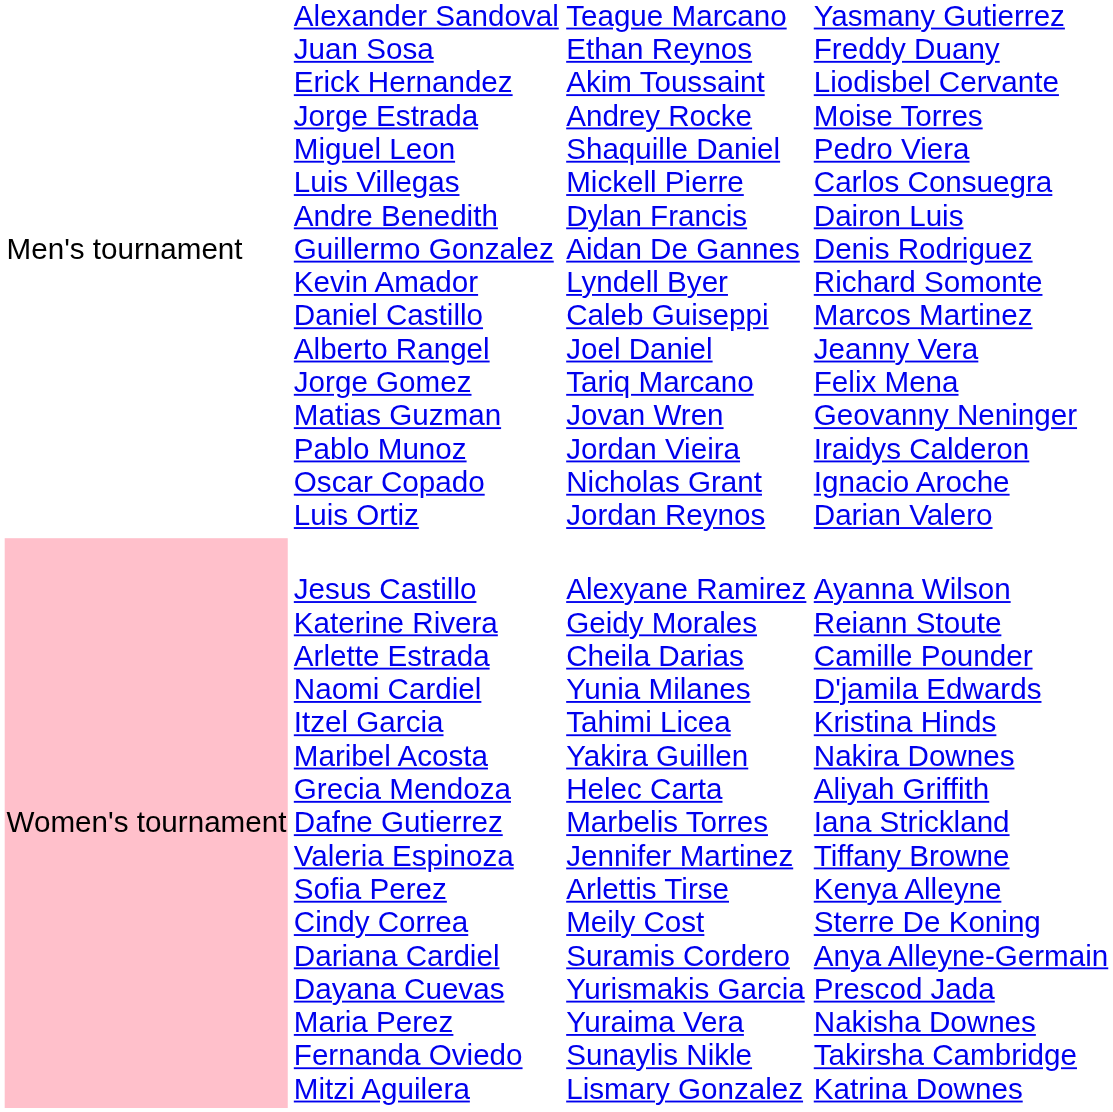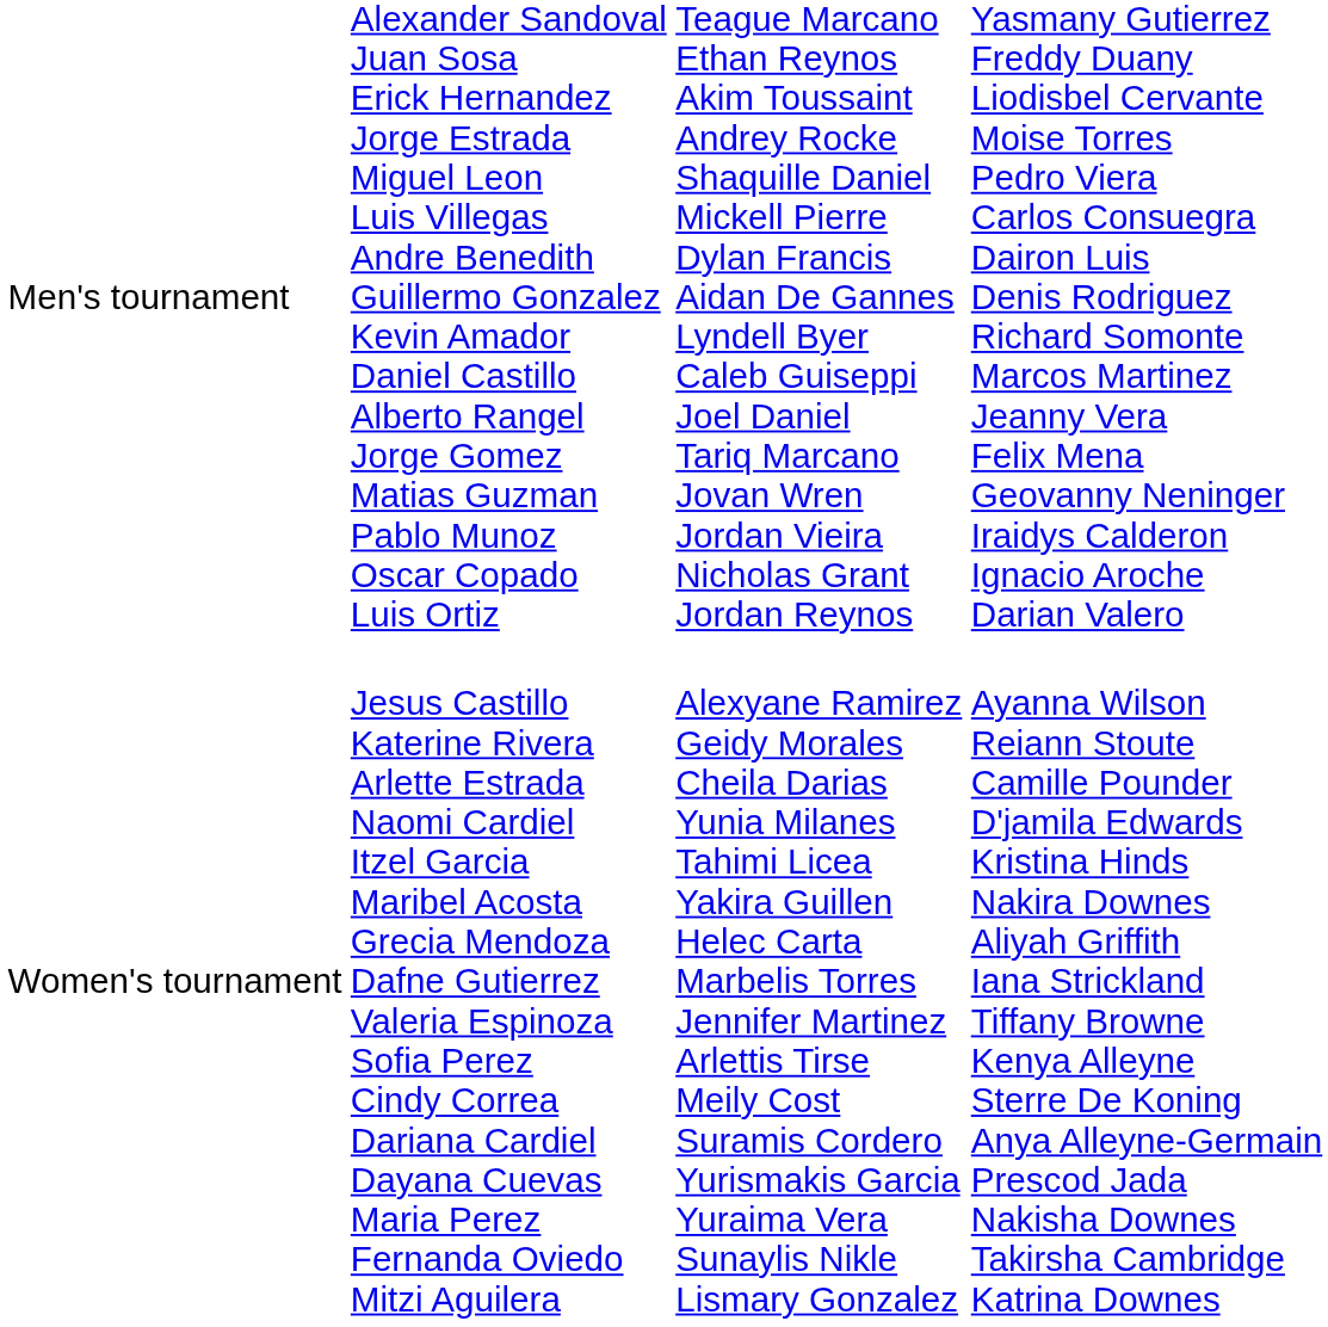 <table>
 <tr>
 <td>Men's tournament</td>
 <td><br><a href='#'>Alexander Sandoval</a><br><a href='#'>Juan Sosa</a><br><a href='#'>Erick Hernandez</a><br><a href='#'>Jorge Estrada</a><br><a href='#'>Miguel Leon</a><br><a href='#'>Luis Villegas</a><br><a href='#'>Andre Benedith</a><br><a href='#'>Guillermo Gonzalez</a><br><a href='#'>Kevin Amador</a><br><a href='#'>Daniel Castillo</a><br><a href='#'>Alberto Rangel</a><br><a href='#'>Jorge Gomez</a><br><a href='#'>Matias Guzman</a><br><a href='#'>Pablo Munoz</a><br><a href='#'>Oscar Copado</a><br><a href='#'>Luis Ortiz</a></td>
 <td><br><a href='#'>Teague Marcano</a><br><a href='#'>Ethan Reynos</a><br><a href='#'>Akim Toussaint</a><br><a href='#'>Andrey Rocke</a><br><a href='#'>Shaquille Daniel</a><br><a href='#'>Mickell Pierre</a><br><a href='#'>Dylan Francis</a><br><a href='#'>Aidan De Gannes</a><br><a href='#'>Lyndell Byer</a><br><a href='#'>Caleb Guiseppi</a><br><a href='#'>Joel Daniel</a><br><a href='#'>Tariq Marcano</a><br><a href='#'>Jovan Wren</a><br><a href='#'>Jordan Vieira</a><br><a href='#'>Nicholas Grant</a><br><a href='#'>Jordan Reynos</a></td>
 <td><br><a href='#'>Yasmany Gutierrez</a><br><a href='#'>Freddy Duany</a><br><a href='#'>Liodisbel Cervante</a><br><a href='#'>Moise Torres</a><br><a href='#'>Pedro Viera</a><br><a href='#'>Carlos Consuegra</a><br><a href='#'>Dairon Luis</a><br><a href='#'>Denis Rodriguez</a><br><a href='#'>Richard Somonte</a><br><a href='#'>Marcos Martinez</a><br><a href='#'>Jeanny Vera</a><br><a href='#'>Felix Mena</a><br><a href='#'>Geovanny Neninger</a><br><a href='#'>Iraidys Calderon</a><br><a href='#'>Ignacio Aroche</a><br><a href='#'>Darian Valero</a></td>
 </tr>
 <tr>
-<td style="background: pink;">Women's tournament</td>
+<td>Women's tournament</td>
 <td><br><a href='#'>Jesus Castillo</a><br><a href='#'>Katerine Rivera</a><br><a href='#'>Arlette Estrada</a><br><a href='#'>Naomi Cardiel</a><br><a href='#'>Itzel Garcia</a><br><a href='#'>Maribel Acosta</a><br><a href='#'>Grecia Mendoza</a><br><a href='#'>Dafne Gutierrez</a><br><a href='#'>Valeria Espinoza</a><br><a href='#'>Sofia Perez</a><br><a href='#'>Cindy Correa</a><br><a href='#'>Dariana Cardiel</a><br><a href='#'>Dayana Cuevas</a><br><a href='#'>Maria Perez</a><br><a href='#'>Fernanda Oviedo</a><br><a href='#'>Mitzi Aguilera</a></td>
 <td><br><a href='#'>Alexyane Ramirez</a><br><a href='#'>Geidy Morales</a><br><a href='#'>Cheila Darias</a><br><a href='#'>Yunia Milanes</a><br><a href='#'>Tahimi Licea</a><br><a href='#'>Yakira Guillen</a><br><a href='#'>Helec Carta</a><br><a href='#'>Marbelis Torres</a><br><a href='#'>Jennifer Martinez</a><br><a href='#'>Arlettis Tirse</a><br><a href='#'>Meily Cost</a><br><a href='#'>Suramis Cordero</a><br><a href='#'>Yurismakis Garcia</a><br><a href='#'>Yuraima Vera</a><br><a href='#'>Sunaylis Nikle</a><br><a href='#'>Lismary Gonzalez</a></td>
 <td><br><a href='#'>Ayanna Wilson</a><br><a href='#'>Reiann Stoute</a><br><a href='#'>Camille Pounder</a><br><a href='#'>D'jamila Edwards</a><br><a href='#'>Kristina Hinds</a><br><a href='#'>Nakira Downes</a><br><a href='#'>Aliyah Griffith</a><br><a href='#'>Iana Strickland</a><br><a href='#'>Tiffany Browne</a><br><a href='#'>Kenya Alleyne</a><br><a href='#'>Sterre De Koning</a><br><a href='#'>Anya Alleyne-Germain</a><br><a href='#'>Prescod Jada</a><br><a href='#'>Nakisha Downes</a><br><a href='#'>Takirsha Cambridge</a><br><a href='#'>Katrina Downes</a></td>
 </tr>
 </table>
